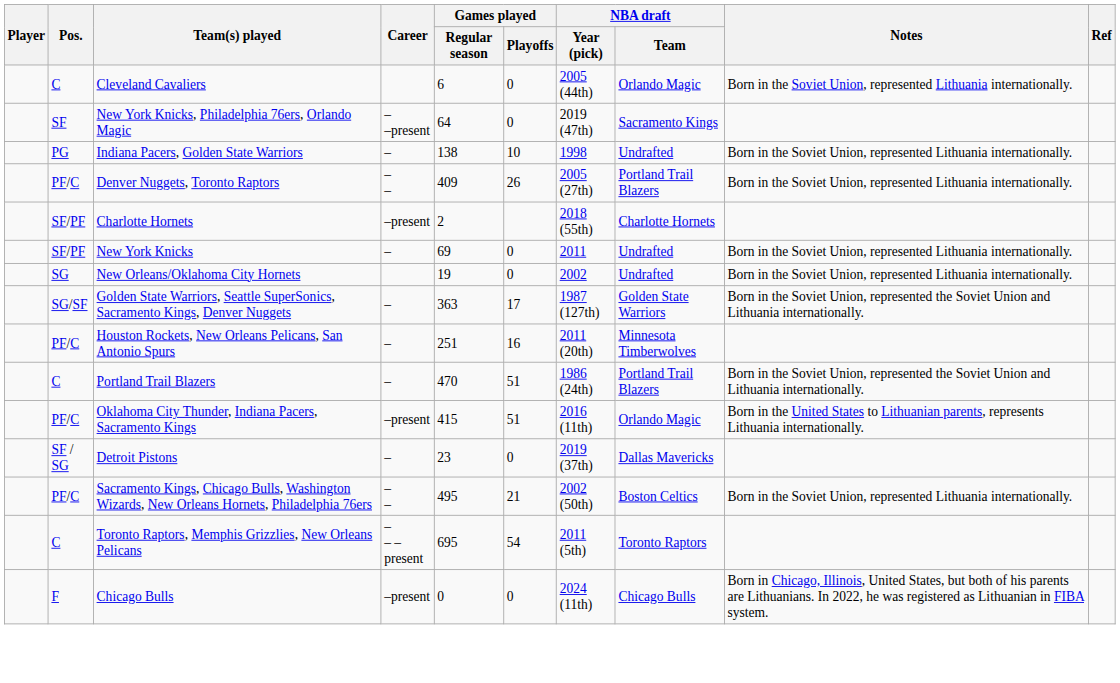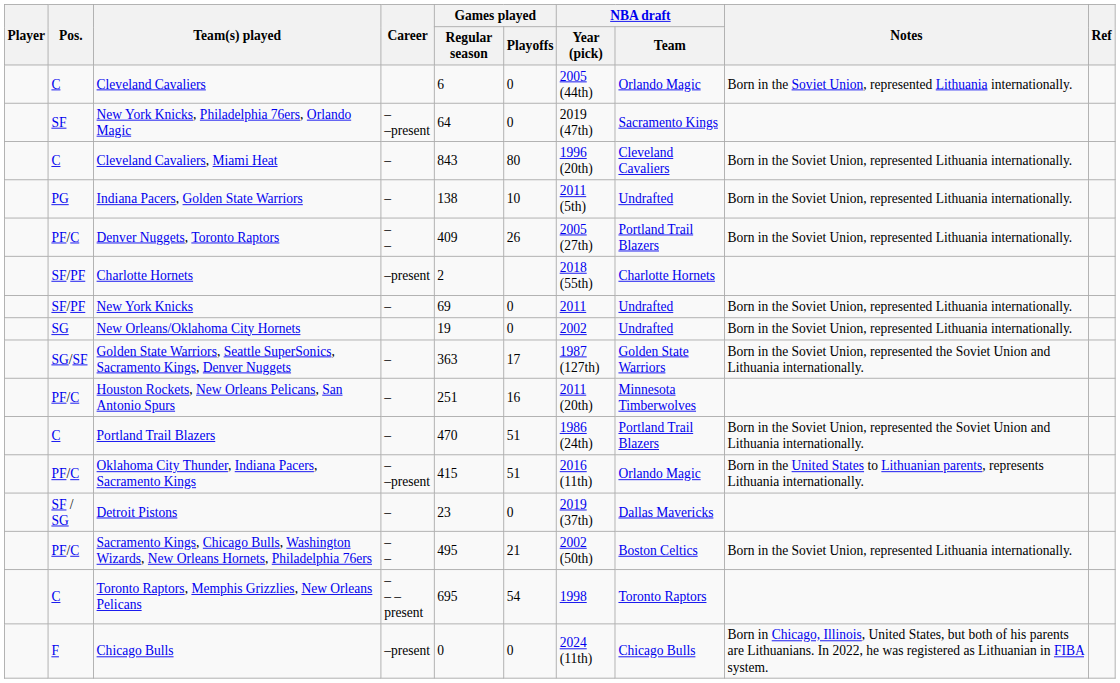 <table class="wikitable sortable" style="font-size:95%">
 <tr>
 <th rowspan="2">Player</th>
 <th rowspan="2">Pos.</th>
 <th rowspan="2">Team(s) played</th>
 <th rowspan="2">Career</th>
 <th colspan="2">Games played</th>
 <th colspan="2"><a href='#'>NBA draft</a></th>
 <th rowspan="2" class="unsortable">Notes</th>
 <th rowspan="2" class="unsortable">Ref</th>
 </tr>
 <tr class="unsortable">
 <th>Regular season</th>
 <th>Playoffs</th>
 <th>Year (pick)</th>
 <th>Team</th>
 </tr>
 <tr>
 <td></td>
 <td><a href='#'>C</a></td>
 <td><a href='#'>Cleveland Cavaliers</a></td>
 <td></td>
 <td>6</td>
 <td>0</td>
 <td><a href='#'>2005</a> (44th)</td>
 <td><a href='#'>Orlando Magic</a></td>
 <td>Born in the <a href='#'>Soviet Union</a>, represented <a href='#'>Lithuania</a> internationally.</td>
 <td style="text-align:center;"></td>
 </tr>
 <tr>
 <td></td>
 <td><a href='#'>SF</a></td>
 <td><a href='#'>New York Knicks</a>, <a href='#'>Philadelphia 76ers</a>, <a href='#'>Orlando Magic</a></td>
 <td>–<br> –present</td>
 <td>64</td>
 <td>0</td>
 <td>2019 (47th)</td>
 <td><a href='#'>Sacramento Kings</a></td>
 <td></td>
 <td style="text-align:center;"></td>
 </tr>
 <tr>
 <td></td>
+<td><a href='#'>C</a></td>
+<td><a href='#'>Cleveland Cavaliers</a>, <a href='#'>Miami Heat</a></td>
+<td>–<br></td>
+<td>843</td>
+<td>80</td>
+<td><a href='#'>1996</a> (20th)</td>
+<td><a href='#'>Cleveland Cavaliers</a></td>
+<td>Born in the Soviet Union, represented Lithuania internationally.</td>
+<td style="text-align:center;"></td>
+</tr>
+<tr>
+<td></td>
 <td><a href='#'>PG</a></td>
 <td><a href='#'>Indiana Pacers</a>, <a href='#'>Golden State Warriors</a></td>
 <td>–<br></td>
 <td>138</td>
 <td>10</td>
-<td><a href='#'>1998</a></td>
+<td><a href='#'>2011</a> (5th)</td>
 <td><a href='#'>Undrafted</a></td>
 <td>Born in the Soviet Union, represented Lithuania internationally.</td>
 <td style="text-align:center;"></td>
 </tr>
 <tr>
 <td></td>
 <td><a href='#'>PF</a>/<a href='#'>C</a></td>
 <td><a href='#'>Denver Nuggets</a>, <a href='#'>Toronto Raptors</a></td>
 <td>–<br>–</td>
 <td>409</td>
 <td>26</td>
 <td><a href='#'>2005</a> (27th)</td>
 <td><a href='#'>Portland Trail Blazers</a></td>
 <td>Born in the Soviet Union, represented Lithuania internationally.</td>
 <td style="text-align:center;"></td>
 </tr>
 <tr>
 <td></td>
 <td><a href='#'>SF</a>/<a href='#'>PF</a></td>
 <td><a href='#'>Charlotte Hornets</a></td>
 <td>–present</td>
 <td>2</td>
 <td> </td>
 <td><a href='#'>2018</a> (55th)</td>
 <td><a href='#'>Charlotte Hornets</a></td>
 <td></td>
 <td style="text-align:center;"></td>
 </tr>
 <tr>
 <td></td>
 <td><a href='#'>SF</a>/<a href='#'>PF</a></td>
 <td><a href='#'>New York Knicks</a></td>
 <td>–</td>
 <td>69</td>
 <td>0</td>
 <td><a href='#'>2011</a></td>
 <td><a href='#'>Undrafted</a></td>
 <td>Born in the Soviet Union, represented Lithuania internationally.</td>
 <td style="text-align:center;"></td>
 </tr>
 <tr>
 <td></td>
 <td><a href='#'>SG</a></td>
 <td><a href='#'>New Orleans/Oklahoma City Hornets</a></td>
 <td></td>
 <td>19</td>
 <td>0</td>
 <td><a href='#'>2002</a></td>
 <td><a href='#'>Undrafted</a></td>
 <td>Born in the Soviet Union, represented Lithuania internationally.</td>
 <td style="text-align:center;"></td>
 </tr>
 <tr>
 <td></td>
 <td><a href='#'>SG</a>/<a href='#'>SF</a></td>
 <td><a href='#'>Golden State Warriors</a>, <a href='#'>Seattle SuperSonics</a>, <a href='#'>Sacramento Kings</a>, <a href='#'>Denver Nuggets</a></td>
 <td>–<br> </td>
 <td>363</td>
 <td>17</td>
 <td><a href='#'>1987</a> (127th)</td>
 <td><a href='#'>Golden State Warriors</a></td>
 <td>Born in the Soviet Union, represented the Soviet Union and Lithuania internationally.</td>
 <td style="text-align:center;"></td>
 </tr>
 <tr>
 <td></td>
 <td><a href='#'>PF</a>/<a href='#'>C</a></td>
 <td><a href='#'>Houston Rockets</a>, <a href='#'>New Orleans Pelicans</a>, <a href='#'>San Antonio Spurs</a></td>
 <td>–<br> </td>
 <td>251</td>
 <td>16</td>
 <td><a href='#'>2011</a> (20th)</td>
 <td><a href='#'>Minnesota Timberwolves</a></td>
 <td></td>
 <td style="text-align:center;"></td>
 </tr>
 <tr>
 <td></td>
 <td><a href='#'>C</a></td>
 <td><a href='#'>Portland Trail Blazers</a></td>
 <td>–<br></td>
 <td>470</td>
 <td>51</td>
 <td><a href='#'>1986</a> (24th)</td>
 <td><a href='#'>Portland Trail Blazers</a></td>
 <td>Born in the Soviet Union, represented the Soviet Union and Lithuania internationally.</td>
 <td style="text-align:center;"></td>
 </tr>
 <tr>
 <td></td>
 <td><a href='#'>PF</a>/<a href='#'>C</a></td>
 <td><a href='#'>Oklahoma City Thunder</a>, <a href='#'>Indiana Pacers</a>, <a href='#'>Sacramento Kings</a></td>
-<td>–present</td>
+<td>–<br>–present</td>
 <td>415</td>
 <td>51</td>
 <td><a href='#'>2016</a> (11th)</td>
 <td><a href='#'>Orlando Magic</a></td>
 <td>Born in the <a href='#'>United States</a> to <a href='#'>Lithuanian parents</a>, represents Lithuania internationally.</td>
 <td style="text-align:center;"></td>
 </tr>
 <tr>
 <td></td>
 <td><a href='#'>SF</a> / <a href='#'>SG</a></td>
 <td><a href='#'>Detroit Pistons</a></td>
 <td>–</td>
 <td>23</td>
 <td>0</td>
 <td><a href='#'>2019</a> (37th)</td>
 <td><a href='#'>Dallas Mavericks</a></td>
 <td></td>
 <td style="text-align:center;"></td>
 </tr>
 <tr>
 <td></td>
 <td><a href='#'>PF</a>/<a href='#'>C</a></td>
 <td><a href='#'>Sacramento Kings</a>, <a href='#'>Chicago Bulls</a>, <a href='#'>Washington Wizards</a>, <a href='#'>New Orleans Hornets</a>, <a href='#'>Philadelphia 76ers</a></td>
 <td>–<br> –<br> </td>
 <td>495</td>
 <td>21</td>
 <td><a href='#'>2002</a> (50th)</td>
 <td><a href='#'>Boston Celtics</a></td>
 <td>Born in the Soviet Union, represented Lithuania internationally.</td>
 <td style="text-align:center;"></td>
 </tr>
 <tr>
 <td></td>
 <td><a href='#'>C</a></td>
 <td><a href='#'>Toronto Raptors</a>, <a href='#'>Memphis Grizzlies</a>, <a href='#'>New Orleans Pelicans</a></td>
 <td>–<br>– –present</td>
 <td>695</td>
 <td>54</td>
-<td><a href='#'>2011</a> (5th)</td>
+<td><a href='#'>1998</a></td>
 <td><a href='#'>Toronto Raptors</a></td>
 <td></td>
 <td style="text-align:center;"></td>
 </tr>
 <tr>
 <td></td>
 <td><a href='#'>F</a></td>
 <td><a href='#'>Chicago Bulls</a></td>
 <td>–present</td>
 <td>0</td>
 <td>0</td>
 <td><a href='#'>2024</a> (11th)</td>
 <td><a href='#'>Chicago Bulls</a></td>
 <td>Born in <a href='#'>Chicago, Illinois</a>, United States, but both of his parents are Lithuanians. In 2022, he was registered as Lithuanian in <a href='#'>FIBA</a> system.</td>
 <td style="text-align:center;"></td>
 </tr>
 </table>
